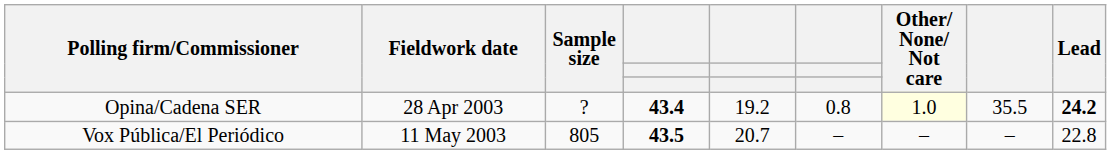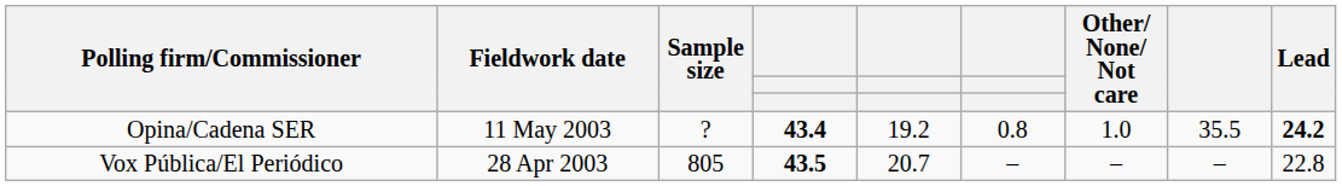 <table class="wikitable collapsible collapsed" style="text-align:center; font-size:90%; line-height:14px;">
 <tr style="height:42px;">
 <th style="width:250px;" rowspan="3">Polling firm/Commissioner</th>
 <th style="width:125px;" rowspan="3">Fieldwork date</th>
 <th style="width:50px;" rowspan="3">Sample size</th>
 <th style="width:55px;"></th>
 <th style="width:55px;"></th>
 <th style="width:55px;"></th>
 <th style="width:55px;" rowspan="3">Other/<br>None/<br>Not<br>care</th>
 <th style="width:55px;" rowspan="3"></th>
 <th style="width:30px;" rowspan="3">Lead</th>
 </tr>
 <tr>
 <th style="color:inherit;background:"></th>
 <th style="color:inherit;background:"></th>
 <th style="color:inherit;background:"></th>
 </tr>
 <tr>
 <th></th>
 <th></th>
 <th></th>
 </tr>
 <tr>
 <td>Opina/Cadena SER</td>
-<td>28 Apr 2003</td>
+<td>11 May 2003</td>
 <td>?</td>
 <td><strong>43.4</strong></td>
 <td>19.2</td>
 <td>0.8</td>
-<td style="background: lightyellow;">1.0</td>
+<td>1.0</td>
 <td>35.5</td>
 <td style="background:"><strong>24.2</strong></td>
 </tr>
 <tr>
 <td>Vox Pública/El Periódico</td>
-<td>11 May 2003</td>
+<td>28 Apr 2003</td>
 <td>805</td>
 <td><strong>43.5</strong></td>
 <td>20.7</td>
 <td>–</td>
 <td>–</td>
 <td>–</td>
 <td style="background:">22.8</td>
 </tr>
 </table>
